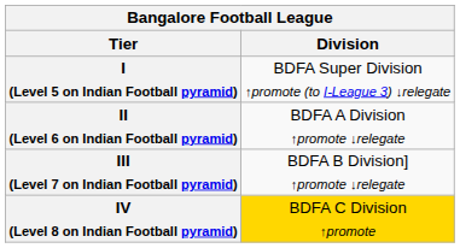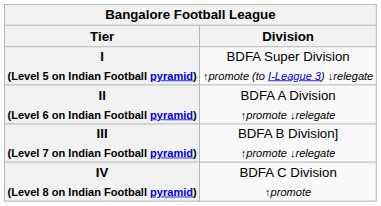 <table class="wikitable" style="text-align:center;">
 <tr>
 <th colspan="2">Bangalore Football League</th>
 </tr>
 <tr>
 <th>Tier</th>
 <th>Division</th>
 </tr>
 <tr>
 <th>I<br><sub>(Level 5 on Indian Football <a href='#'>pyramid</a>)</sub></th>
 <td>BDFA Super Division <br><em><sub>↑promote (to <a href='#'>I-League 3</a>) ↓relegate</sub></em></td>
 </tr>
 <tr>
 <th>II<br><sub>(Level 6 on Indian Football <a href='#'>pyramid</a>)</sub></th>
 <td>BDFA A Division <br><em><sub>↑promote ↓relegate</sub></em></td>
 </tr>
 <tr>
 <th>III<br><sub>(Level 7 on Indian Football <a href='#'>pyramid</a>)</sub></th>
 <td>BDFA B Division] <br><em><sub>↑promote ↓relegate</sub></em></td>
 </tr>
 <tr>
 <th>IV<br><sub>(Level 8 on Indian Football <a href='#'>pyramid</a>)</sub></th>
-<td style="background: gold;">BDFA C Division <br><em><sub>↑promote</sub></em></td>
+<td>BDFA C Division <br><em><sub>↑promote</sub></em></td>
 </tr>
 </table>
